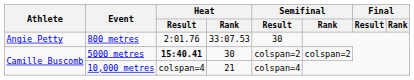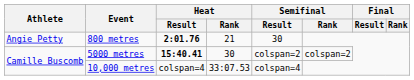 <table class=wikitable style=font-size:90%>
 <tr>
 <th rowspan=2>Athlete</th>
 <th rowspan=2>Event</th>
 <th colspan=2>Heat</th>
 <th colspan=2>Semifinal</th>
 <th colspan=2>Final</th>
 </tr>
 <tr style=font-size:95%>
 <th>Result</th>
 <th>Rank</th>
 <th>Result</th>
 <th>Rank</th>
 <th>Result</th>
 <th>Rank</th>
 </tr>
 <tr align=center>
 <td align=left><a href='#'>Angie Petty</a></td>
 <td align=left><a href='#'>800 metres</a></td>
-<td>2:01.76</td>
-<td>33:07.53</td>
+<td><strong>2:01.76</strong></td>
+<td>21</td>
 <td>30</td>
 </tr>
 <tr align=center>
 <td align=left rowspan=2><a href='#'>Camille Buscomb</a></td>
 <td align=left><a href='#'>5000 metres</a></td>
 <td><strong>15:40.41</strong></td>
 <td>30</td>
 <td>colspan=2 </td>
 <td>colspan=2 </td>
 </tr>
 <tr align=center>
 <td align=left><a href='#'>10,000 metres</a></td>
 <td>colspan=4 </td>
-<td>21</td>
+<td>33:07.53</td>
 <td>colspan=4 </td>
 </tr>
 </table>
